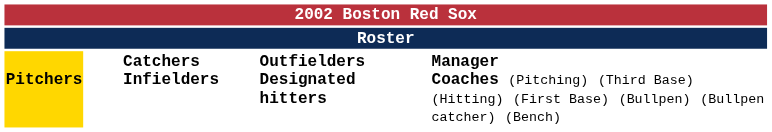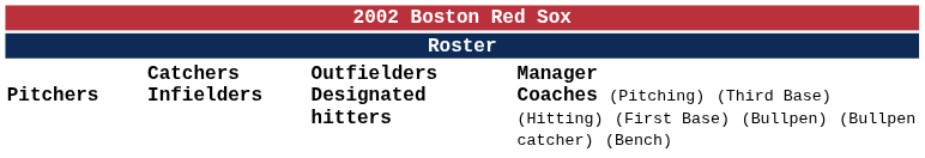 <table class="toccolours" style="text-align: left;">
 <tr>
 <th colspan="10" style="background-color: #ba313c; color: #FFFFFF; text-align: center;">2002 Boston Red Sox</th>
 </tr>
 <tr>
 <td colspan="10" style="background-color:#0d2b56; color: white; text-align: center;"><strong>Roster</strong></td>
 </tr>
 <tr>
-<td valign="top" style="background: gold;"><br><strong>Pitchers</strong>                  </td>
+<td valign="top"><br><strong>Pitchers</strong>                  </td>
 <td width="25px"></td>
 <td valign="top"><strong>Catchers</strong><br>   <strong>Infielders</strong>          </td>
 <td width="25px"></td>
 <td valign="top"><strong>Outfielders</strong><br>      <strong>Designated hitters</strong>  </td>
 <td width="25px"></td>
 <td valign="top"><strong>Manager</strong><br> <strong>Coaches</strong>  <small>(Pitching)</small>  <small>(Third Base)</small>  <small>(Hitting)</small>  <small>(First Base)</small>  <small>(Bullpen)</small>   <small>(Bullpen catcher)</small>  <small>(Bench)</small></td>
 </tr>
 <tr>
 </tr>
 </table>
